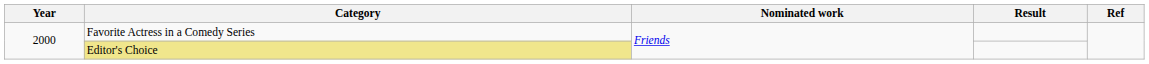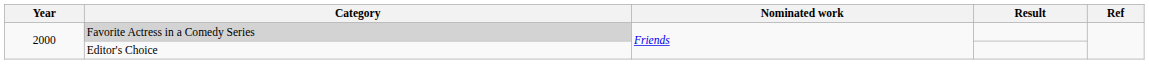 <table class="wikitable" width="100%">
 <tr>
 <th width="7%">Year</th>
 <th width="48%">Category</th>
 <th width="30%">Nominated work</th>
 <th width="10%">Result</th>
 <th width="5%">Ref</th>
 </tr>
 <tr>
 <td rowspan="2" align="center">2000</td>
-<td>Favorite Actress in a Comedy Series</td>
+<td style="background: lightgrey;">Favorite Actress in a Comedy Series</td>
 <td rowspan="2"><em><a href='#'>Friends</a></em></td>
 <td></td>
 <td rowspan="2" align="center"></td>
 </tr>
 <tr>
-<td style="background: khaki;">Editor's Choice</td>
+<td>Editor's Choice</td>
 <td></td>
 </tr>
 </table>
